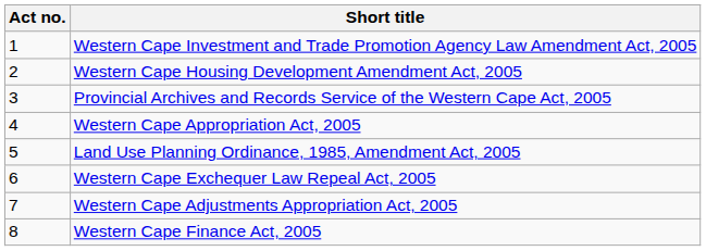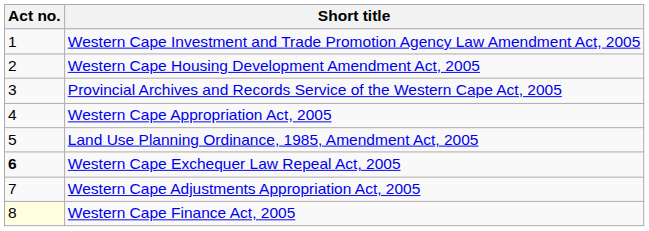 <table class="wikitable">
 <tr>
 <th>Act no.</th>
 <th>Short title</th>
 </tr>
 <tr>
 <td>1</td>
 <td><a href='#'>Western Cape Investment and Trade Promotion Agency Law Amendment Act, 2005</a></td>
 </tr>
 <tr>
 <td>2</td>
 <td><a href='#'>Western Cape Housing Development Amendment Act, 2005</a></td>
 </tr>
 <tr>
 <td>3</td>
 <td><a href='#'>Provincial Archives and Records Service of the Western Cape Act, 2005</a></td>
 </tr>
 <tr>
 <td>4</td>
 <td><a href='#'>Western Cape Appropriation Act, 2005</a></td>
 </tr>
 <tr>
 <td>5</td>
 <td><a href='#'>Land Use Planning Ordinance, 1985, Amendment Act, 2005</a></td>
 </tr>
 <tr>
-<td>6</td>
+<td><strong>6</strong></td>
 <td><a href='#'>Western Cape Exchequer Law Repeal Act, 2005</a></td>
 </tr>
 <tr>
 <td>7</td>
 <td><a href='#'>Western Cape Adjustments Appropriation Act, 2005</a></td>
 </tr>
 <tr>
-<td>8</td>
+<td style="background: lightyellow;">8</td>
 <td><a href='#'>Western Cape Finance Act, 2005</a></td>
 </tr>
 </table>
